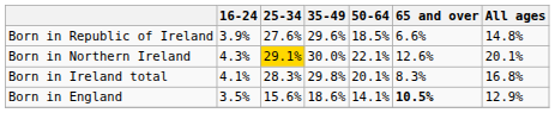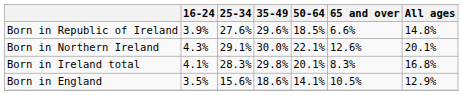 <table class="wikitable">
 <tr>
 <th></th>
 <th>16-24</th>
 <th>25-34</th>
 <th>35-49</th>
 <th>50-64</th>
 <th>65 and over</th>
 <th>All ages</th>
 </tr>
 <tr>
 <td>Born in Republic of Ireland</td>
 <td>3.9%</td>
 <td>27.6%</td>
 <td>29.6%</td>
 <td>18.5%</td>
 <td>6.6%</td>
 <td>14.8%</td>
 </tr>
 <tr>
 <td>Born in Northern Ireland</td>
 <td>4.3%</td>
-<td style="background: gold;">29.1%</td>
+<td>29.1%</td>
 <td>30.0%</td>
 <td>22.1%</td>
 <td>12.6%</td>
 <td>20.1%</td>
 </tr>
 <tr>
 <td>Born in Ireland total</td>
 <td>4.1%</td>
 <td>28.3%</td>
 <td>29.8%</td>
 <td>20.1%</td>
 <td>8.3%</td>
 <td>16.8%</td>
 </tr>
 <tr>
 <td>Born in England</td>
 <td>3.5%</td>
 <td>15.6%</td>
 <td>18.6%</td>
 <td>14.1%</td>
-<td><strong>10.5%</strong></td>
+<td>10.5%</td>
 <td>12.9%</td>
 </tr>
 <tr>
 </tr>
 </table>
